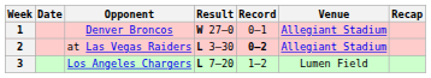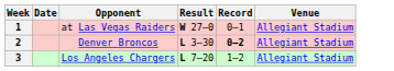 <table class="wikitable" style="text-align:center">
 <tr>
 <th>Week</th>
 <th>Date</th>
 <th>Opponent</th>
 <th>Result</th>
 <th>Record</th>
 <th>Venue</th>
-<th>Recap</th>
 </tr>
 <tr style="background:#fcc">
 <th>1</th>
 <td></td>
-<td><a href='#'>Denver Broncos</a></td>
+<td>at <a href='#'>Las Vegas Raiders</a></td>
 <td><strong>W</strong> 27–0</td>
 <td>0–1</td>
 <td><a href='#'>Allegiant Stadium</a></td>
-<td></td>
 </tr>
 <tr style="background:#fcc">
 <th>2</th>
 <td></td>
-<td>at <a href='#'>Las Vegas Raiders</a></td>
+<td><a href='#'>Denver Broncos</a></td>
 <td><strong>L</strong> 3–30</td>
 <td><strong>0–2</strong></td>
 <td><a href='#'>Allegiant Stadium</a></td>
-<td></td>
 </tr>
 <tr style="background:#cfc">
 <th>3</th>
 <td></td>
 <td><a href='#'>Los Angeles Chargers</a></td>
 <td><strong>L</strong> 7–20</td>
 <td>1–2</td>
-<td>Lumen Field</td>
-<td></td>
+<td><a href='#'>Allegiant Stadium</a></td>
 </tr>
 </table>
